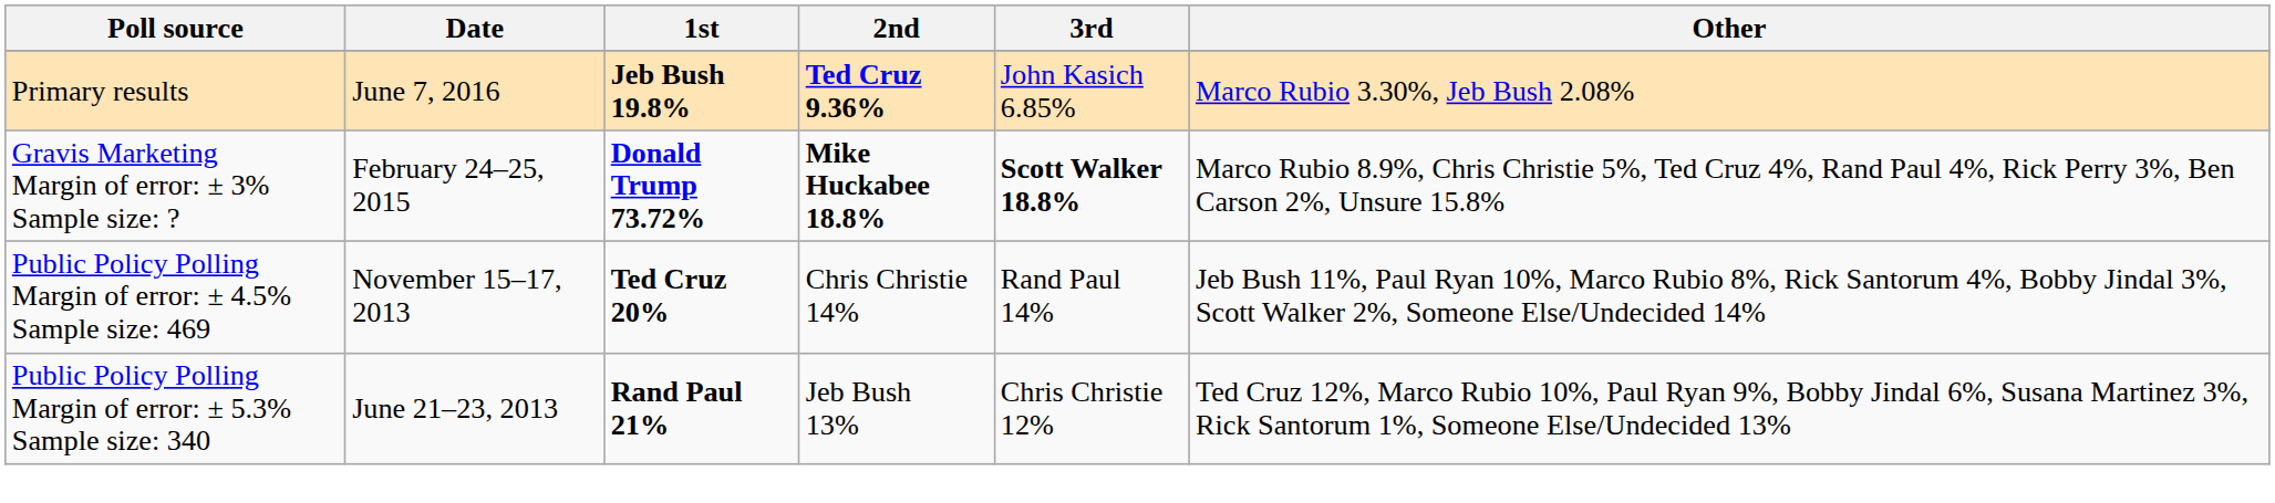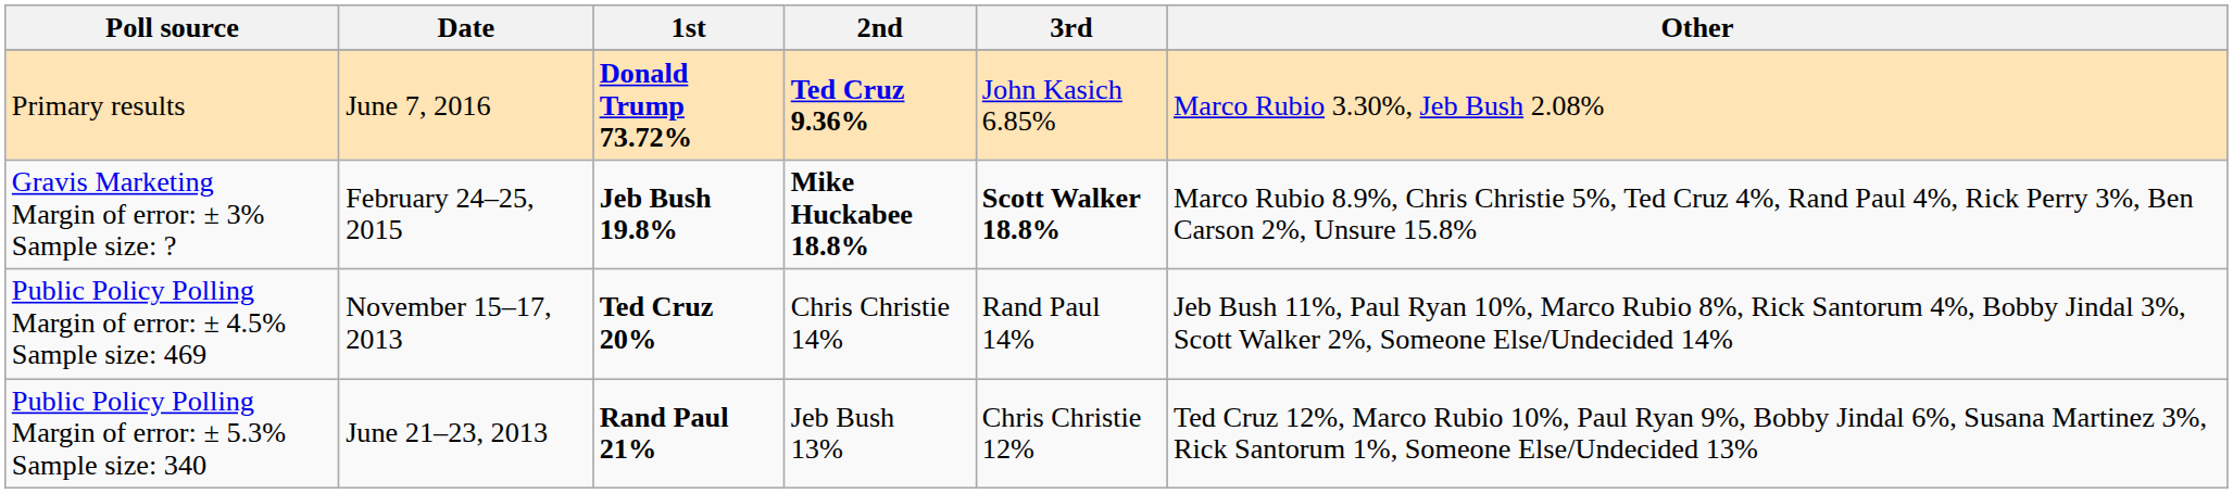 <table class="wikitable">
 <tr>
 <th style="width:180px;">Poll source</th>
 <th style="width:135px;">Date</th>
 <th style="width:100px;">1st</th>
 <th style="width:100px;">2nd</th>
 <th style="width:100px;">3rd</th>
 <th>Other</th>
 </tr>
 <tr>
 </tr>
 <tr style="background:Moccasin;">
 <td>Primary results</td>
 <td>June 7, 2016</td>
-<td><strong>Jeb Bush<br>19.8%</strong></td>
+<td><strong><a href='#'>Donald Trump</a><br>73.72%</strong></td>
 <td><strong><a href='#'>Ted Cruz</a><br>9.36%</strong></td>
 <td><a href='#'>John Kasich</a><br>6.85%</td>
 <td><a href='#'>Marco Rubio</a> 3.30%, <a href='#'>Jeb Bush</a> 2.08%</td>
 </tr>
 <tr>
 <td><a href='#'>Gravis Marketing</a><br>Margin of error: ± 3% <br>Sample size: ?</td>
 <td>February 24–25, 2015</td>
-<td><strong><a href='#'>Donald Trump</a><br>73.72%</strong></td>
+<td><strong>Jeb Bush<br>19.8%</strong></td>
 <td><strong>Mike Huckabee<br>18.8%</strong></td>
 <td><strong>Scott Walker<br>18.8%</strong></td>
 <td>Marco Rubio 8.9%, Chris Christie 5%, Ted Cruz 4%, Rand Paul 4%, Rick Perry 3%, Ben Carson 2%, Unsure 15.8%</td>
 </tr>
 <tr>
 <td><a href='#'>Public Policy Polling</a><br>Margin of error: ± 4.5% <br>Sample size: 469</td>
 <td>November 15–17, 2013</td>
 <td><strong>Ted Cruz<br>20%</strong></td>
 <td>Chris Christie<br>14%</td>
 <td>Rand Paul<br>14%</td>
 <td>Jeb Bush 11%, Paul Ryan 10%, Marco Rubio 8%, Rick Santorum 4%, Bobby Jindal 3%, Scott Walker 2%, Someone Else/Undecided 14%</td>
 </tr>
 <tr>
 <td><a href='#'>Public Policy Polling</a><br>Margin of error: ± 5.3% <br>Sample size: 340</td>
 <td>June 21–23, 2013</td>
 <td><strong>Rand Paul<br>21%</strong></td>
 <td>Jeb Bush<br>13%</td>
 <td>Chris Christie<br>12%</td>
 <td>Ted Cruz 12%, Marco Rubio 10%, Paul Ryan 9%, Bobby Jindal 6%, Susana Martinez 3%, Rick Santorum 1%, Someone Else/Undecided 13%</td>
 </tr>
 </table>
